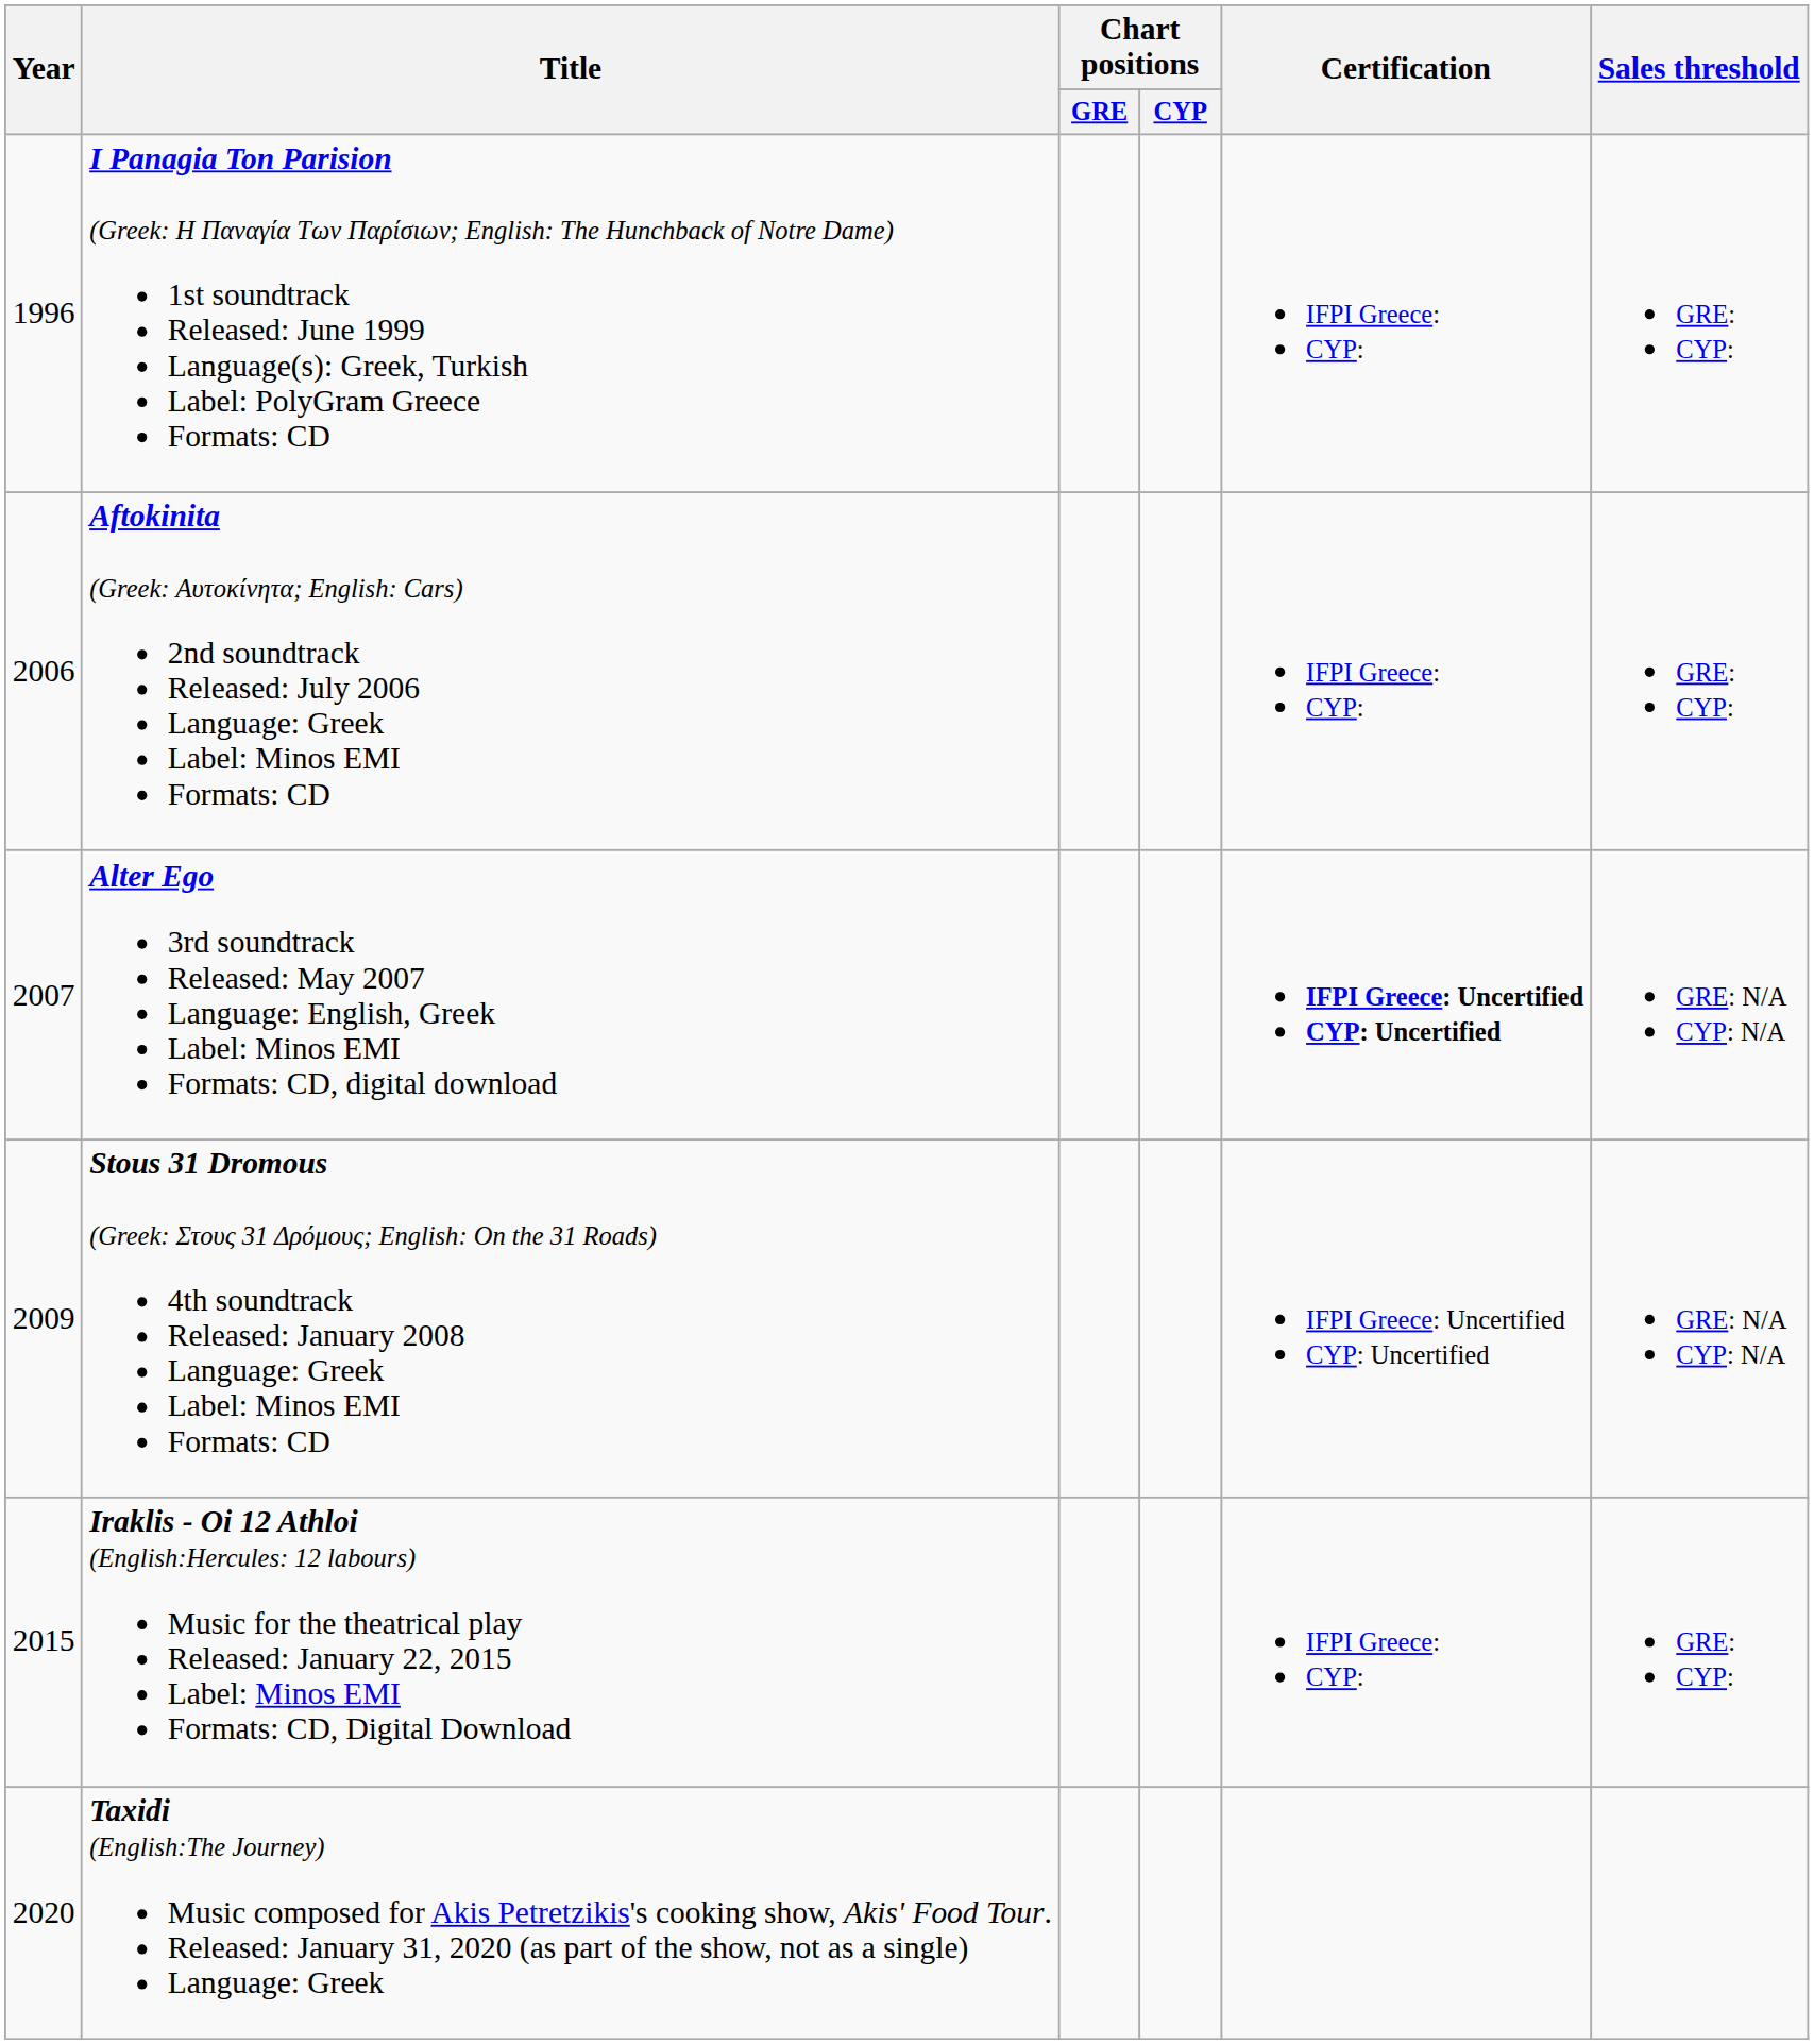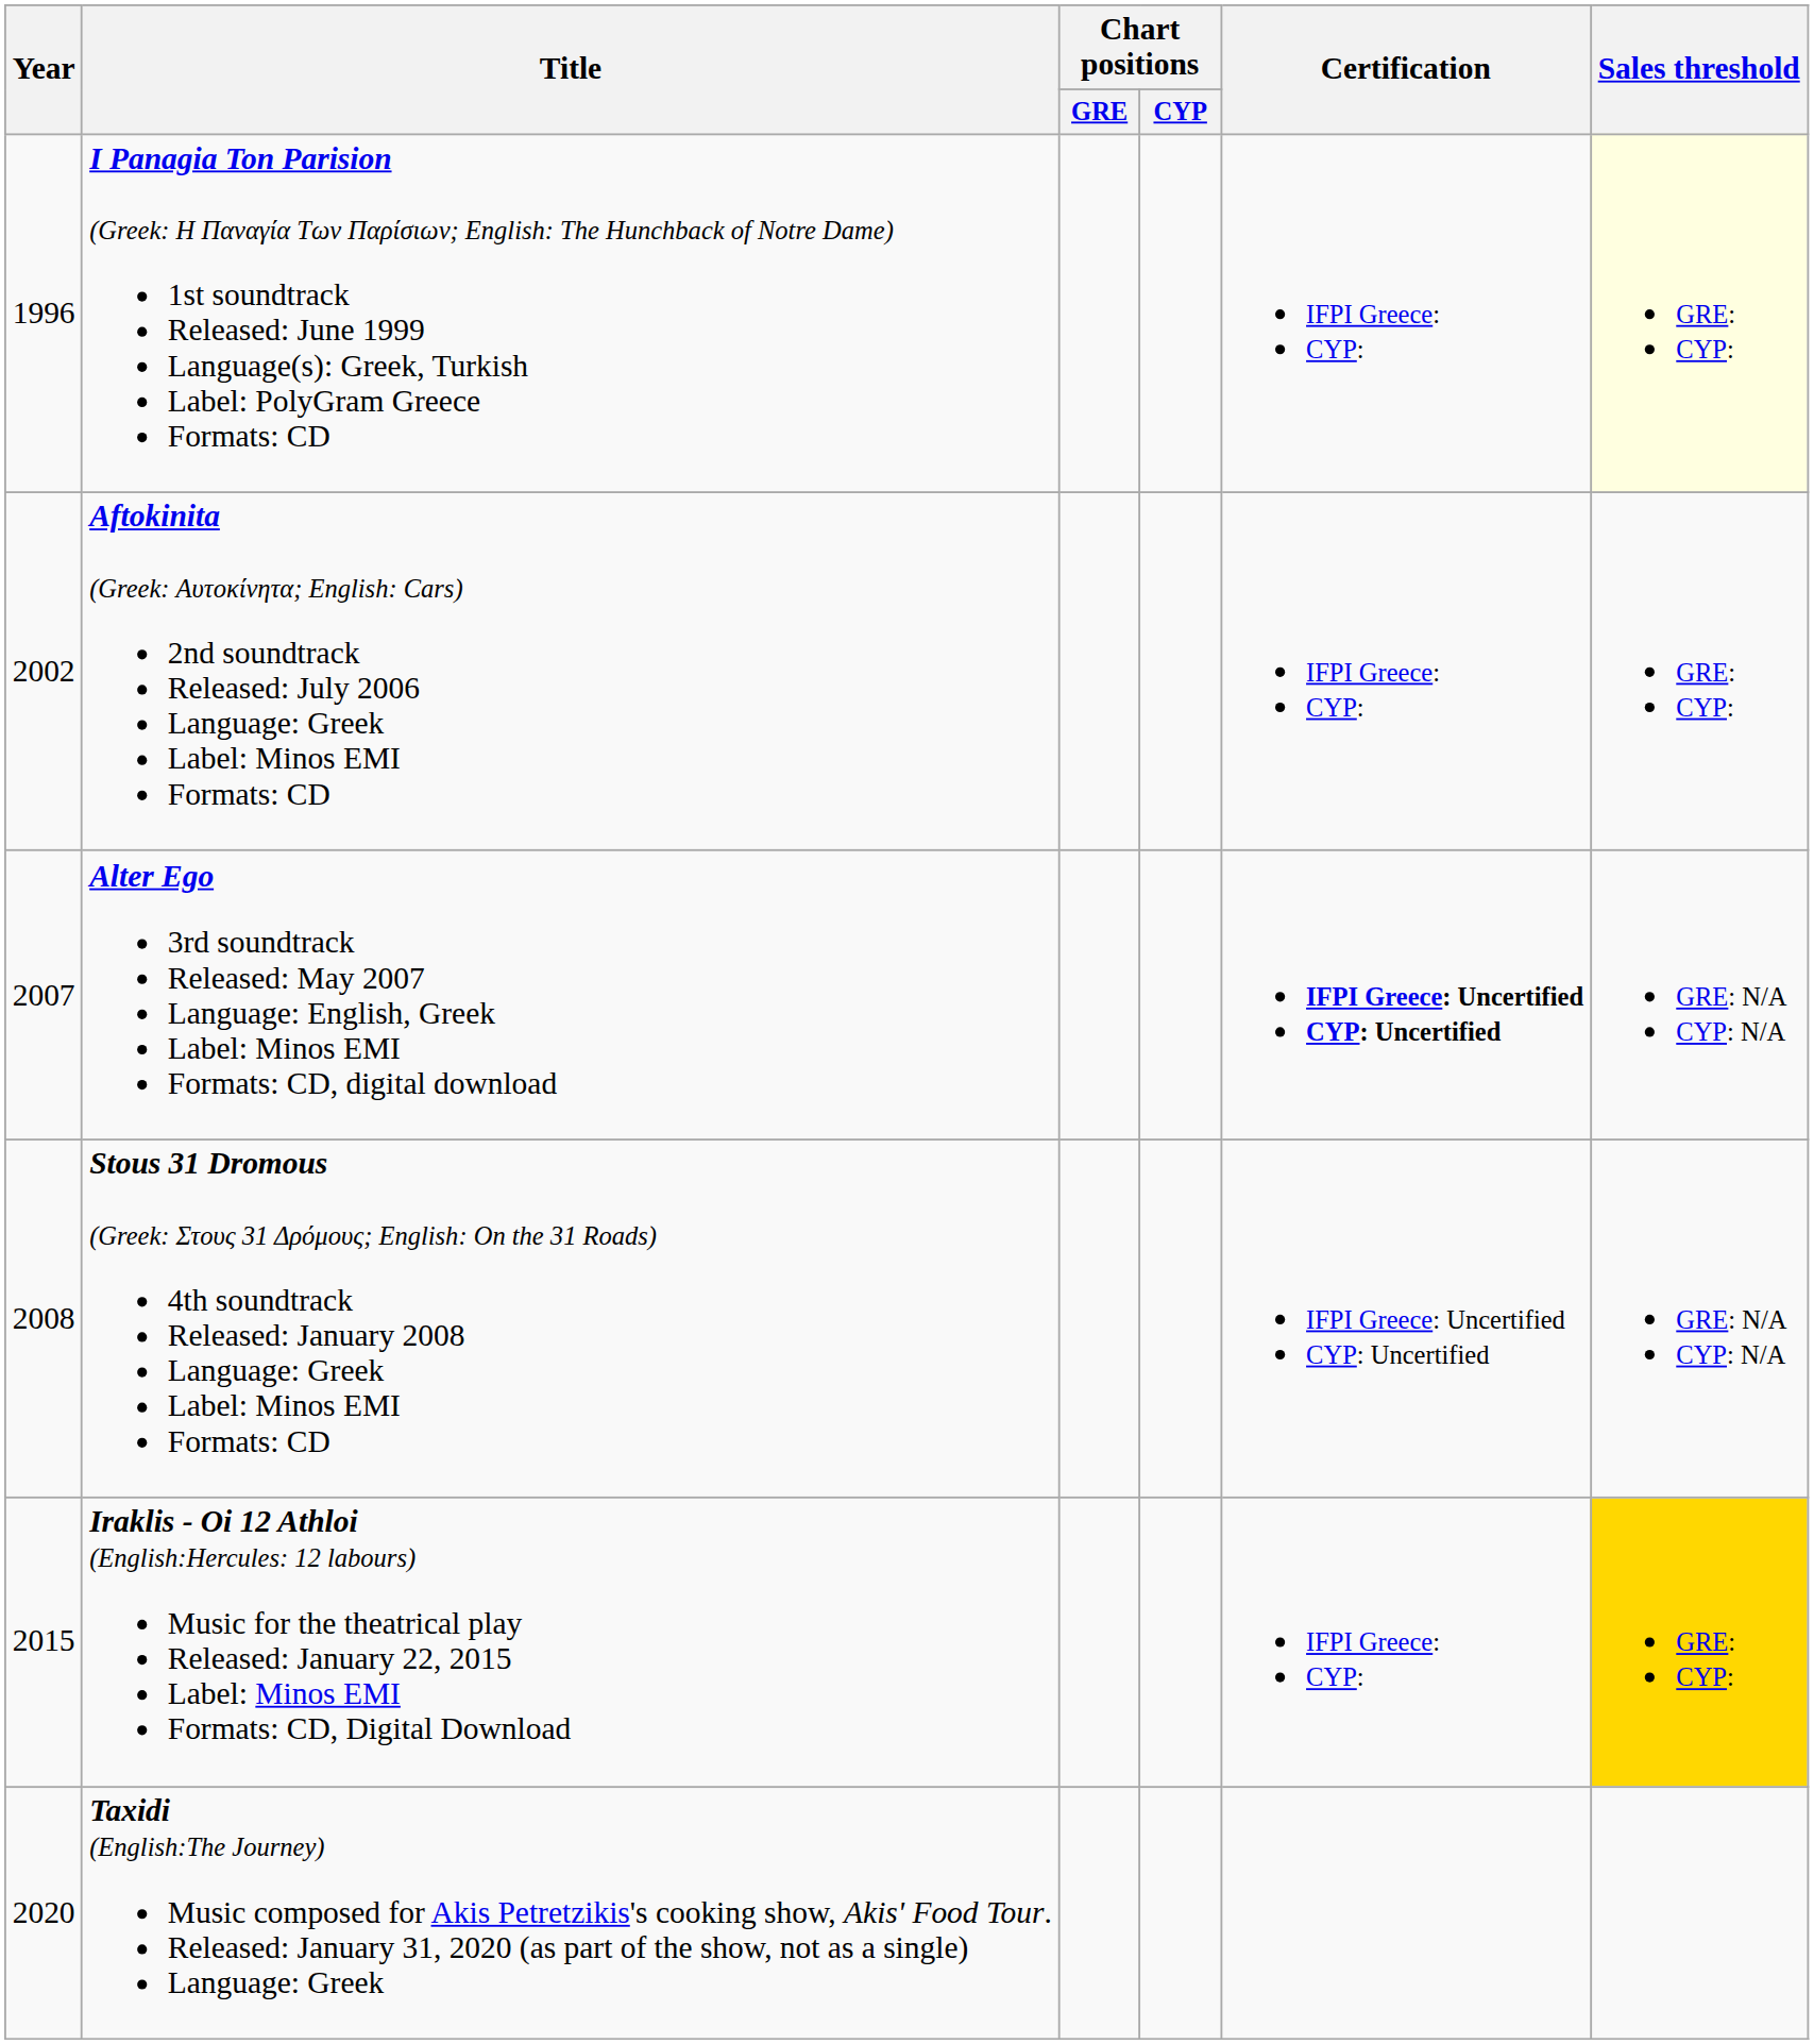 <table class="wikitable">
 <tr>
 <th rowspan="2">Year</th>
 <th rowspan="2">Title</th>
 <th colspan="2">Chart positions</th>
 <th rowspan="2">Certification</th>
 <th rowspan="2"><a href='#'>Sales threshold</a></th>
 </tr>
 <tr style="font-size:smaller;">
 <th width="35"><a href='#'>GRE</a></th>
 <th width="35"><a href='#'>CYP</a></th>
 </tr>
 <tr>
 <td style="text-align:center;">1996</td>
 <td><strong><em><a href='#'>I Panagia Ton Parision</a></em></strong>  <br><br><em><small>(Greek: Η Παναγία Των Παρίσιων; English: The Hunchback of Notre Dame)</small></em><ul><li>1st soundtrack</li><li>Released: June 1999</li><li>Language(s): Greek, Turkish</li><li>Label: PolyGram Greece</li><li>Formats: CD</li></ul></td>
 <td style="text-align:center;"></td>
 <td style="text-align:center;"></td>
 <td align="left"><br><ul><li><small><a href='#'>IFPI Greece</a>:</small></li><li><small><a href='#'>CYP</a>:</small></li></ul></td>
-<td align="left"><br><ul><li><small><a href='#'>GRE</a>:</small></li><li><small><a href='#'>CYP</a>:</small></li></ul></td>
+<td align="left" style="background: lightyellow;"><br><ul><li><small><a href='#'>GRE</a>:</small></li><li><small><a href='#'>CYP</a>:</small></li></ul></td>
 </tr>
 <tr>
-<td style="text-align:center;">2006</td>
+<td style="text-align:center;">2002</td>
 <td><strong><em><a href='#'>Aftokinita</a></em></strong>  <br><br><em><small>(Greek: Αυτοκίνητα; English: Cars)</small></em><ul><li>2nd soundtrack</li><li>Released: July 2006</li><li>Language: Greek</li><li>Label: Minos EMI</li><li>Formats: CD</li></ul></td>
 <td style="text-align:center;"></td>
 <td style="text-align:center;"></td>
 <td align="left"><br><ul><li><small><a href='#'>IFPI Greece</a>:</small></li><li><small><a href='#'>CYP</a>:</small></li></ul></td>
 <td align="left"><br><ul><li><small><a href='#'>GRE</a>:</small></li><li><small><a href='#'>CYP</a>:</small></li></ul></td>
 </tr>
 <tr>
 <td style="text-align:center;">2007</td>
 <td><strong><em><a href='#'>Alter Ego</a></em></strong><br><ul><li>3rd soundtrack</li><li>Released: May 2007</li><li>Language: English, Greek</li><li>Label: Minos EMI</li><li>Formats: CD, digital download</li></ul></td>
 <td style="text-align:center;"></td>
 <td style="text-align:center;"></td>
 <td align="left"><strong><br><ul><li><small><a href='#'>IFPI Greece</a>: Uncertified</small></li><li><small><a href='#'>CYP</a>: Uncertified</small></li></ul></strong></td>
 <td align="left"><br><ul><li><small><a href='#'>GRE</a>: N/A</small></li><li><small><a href='#'>CYP</a>: N/A</small></li></ul></td>
 </tr>
 <tr>
-<td style="text-align:center;">2009</td>
+<td style="text-align:center;">2008</td>
 <td><strong><em>Stous 31 Dromous</em></strong>  <br><br><em><small>(Greek: Στους 31 Δρόμους; English: On the 31 Roads)</small></em><ul><li>4th soundtrack</li><li>Released: January 2008</li><li>Language: Greek</li><li>Label: Minos EMI</li><li>Formats: CD</li></ul></td>
 <td style="text-align:center;"></td>
 <td style="text-align:center;"></td>
 <td align="left"><br><ul><li><small><a href='#'>IFPI Greece</a>: Uncertified</small></li><li><small><a href='#'>CYP</a>: Uncertified</small></li></ul></td>
 <td align="left"><br><ul><li><small><a href='#'>GRE</a>: N/A</small></li><li><small><a href='#'>CYP</a>: N/A</small></li></ul></td>
 </tr>
 <tr>
 <td>2015</td>
 <td><strong><em>Iraklis - Oi 12 Athloi</em></strong><br><em><small>(English:Hercules: 12 labours)</small></em><ul><li>Music for the theatrical play</li><li>Released: January 22, 2015</li><li>Label: <a href='#'>Minos EMI</a></li><li>Formats: CD, Digital Download</li></ul></td>
 <td style="text-align:center;"></td>
 <td style="text-align:center;"></td>
 <td align="left"><br><ul><li><small><a href='#'>IFPI Greece</a>:</small></li><li><small><a href='#'>CYP</a>:</small></li></ul></td>
-<td align="left"><br><ul><li><small><a href='#'>GRE</a>:</small></li><li><small><a href='#'>CYP</a>: </small></li></ul></td>
+<td align="left" style="background: gold;"><br><ul><li><small><a href='#'>GRE</a>:</small></li><li><small><a href='#'>CYP</a>: </small></li></ul></td>
 </tr>
 <tr>
 <td>2020</td>
 <td><strong><em>Taxidi</em></strong><br><em><small>(English:The Journey)</small></em><ul><li>Music composed for <a href='#'>Akis Petretzikis</a>'s cooking show, <em>Akis' Food Tour</em>.</li><li>Released: January 31, 2020 (as part of the show, not as a single)</li><li>Language: Greek</li></ul></td>
 <td></td>
 <td></td>
 <td></td>
 <td></td>
 </tr>
 <tr>
 </tr>
 </table>
